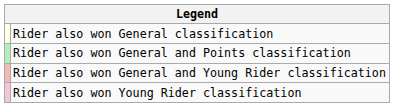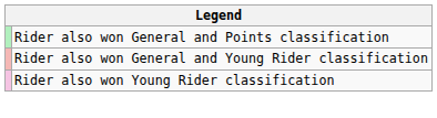 <table class="wikitable nowrap" style="font-size:90%; width: 33em;">
 <tr>
 <th colspan="2">Legend</th>
-</tr>
-<tr>
-<td style="background: #ffffe8"></td>
-<td>Rider also won General classification</td>
 </tr>
 <tr>
 <td style="background: #b1f0be"></td>
 <td>Rider also won General and Points classification</td>
 </tr>
 <tr>
 <td style="background: #f5b8b5"></td>
 <td>Rider also won General and Young Rider classification</td>
 </tr>
 <tr>
 <td style="background: #f5c4e3"></td>
 <td>Rider also won Young Rider classification</td>
 </tr>
 <tr>
 </tr>
 </table>
